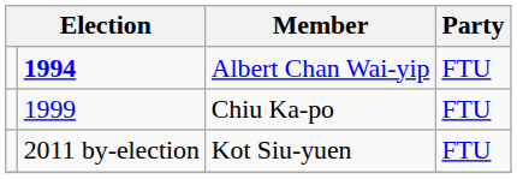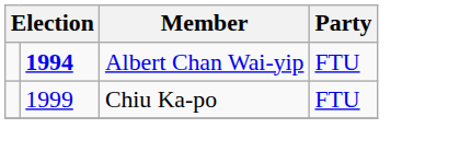 <table class="wikitable">
 <tr>
 <th colspan="2">Election</th>
 <th>Member</th>
 <th>Party</th>
 </tr>
 <tr>
 <td style="background-color: "></td>
 <td><strong><a href='#'>1994</a></strong></td>
 <td><a href='#'>Albert Chan Wai-yip</a></td>
 <td><a href='#'>FTU</a></td>
 </tr>
 <tr>
 <td style="background-color: "></td>
 <td><a href='#'>1999</a></td>
 <td>Chiu Ka-po</td>
 <td><a href='#'>FTU</a></td>
 </tr>
 <tr>
-<td style="background-color: "></td>
-<td>2011 by-election</td>
-<td>Kot Siu-yuen</td>
-<td><a href='#'>FTU</a></td>
-</tr>
-<tr>
 </tr>
 </table>
